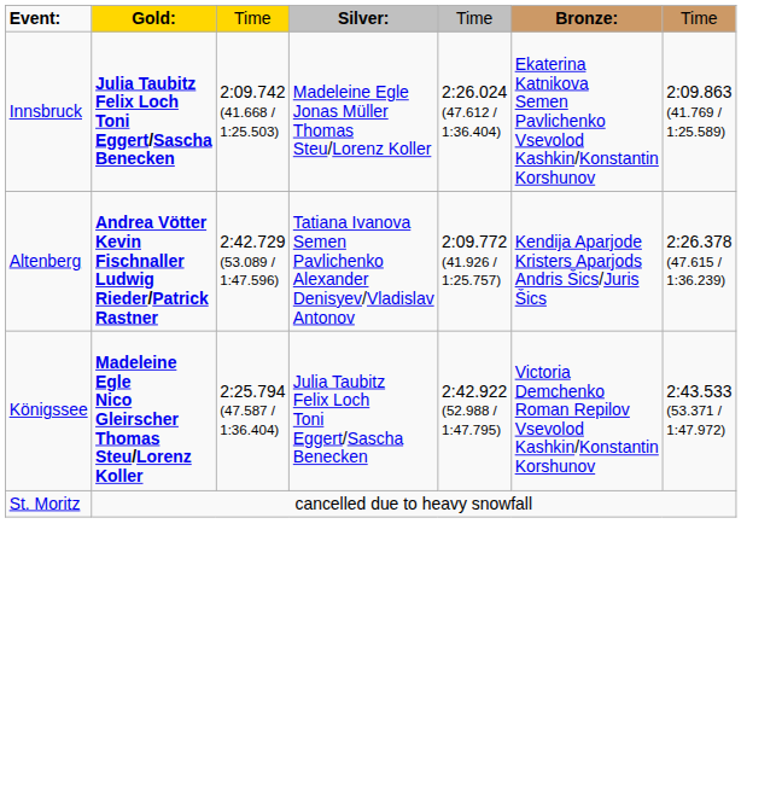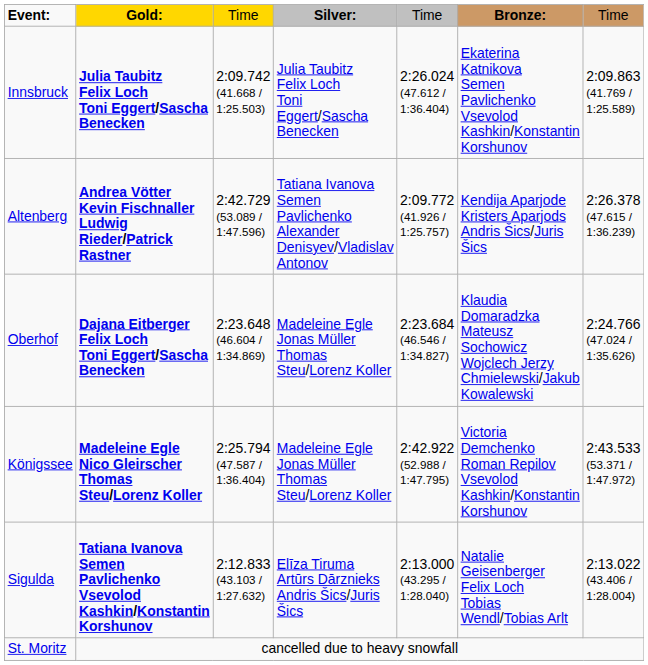 <table class="wikitable" style="width:90%;">
 <tr>
 <td><strong>Event:</strong></td>
 <td style="text-align:center; background:gold;"><strong>Gold:</strong></td>
 <td style="text-align:center; background:gold;">Time</td>
 <td style="text-align:center; background:silver;"><strong>Silver:</strong></td>
 <td style="text-align:center; background:silver;">Time</td>
 <td style="text-align:center; background:#c96;"><strong>Bronze:</strong></td>
 <td style="text-align:center; background:#c96;">Time</td>
 </tr>
 <tr>
 <td><a href='#'>Innsbruck</a></td>
 <td><strong><br><a href='#'>Julia Taubitz</a><br><a href='#'>Felix Loch</a><br><a href='#'>Toni Eggert</a>/<a href='#'>Sascha Benecken</a></strong></td>
 <td>2:09.742<br><small>(41.668 / 1:25.503)</small></td>
-<td><br><a href='#'>Madeleine Egle</a><br><a href='#'>Jonas Müller</a><br><a href='#'>Thomas Steu</a>/<a href='#'>Lorenz Koller</a></td>
+<td><br><a href='#'>Julia Taubitz</a><br><a href='#'>Felix Loch</a><br><a href='#'>Toni Eggert</a>/<a href='#'>Sascha Benecken</a></td>
 <td>2:26.024<br><small>(47.612 / 1:36.404)</small></td>
 <td><br><a href='#'>Ekaterina Katnikova</a><br><a href='#'>Semen Pavlichenko</a><br><a href='#'>Vsevolod Kashkin</a>/<a href='#'>Konstantin Korshunov</a></td>
 <td>2:09.863<br><small>(41.769 / 1:25.589)</small></td>
 </tr>
 <tr>
 <td><a href='#'>Altenberg</a></td>
 <td><strong><br><a href='#'>Andrea Vötter</a><br><a href='#'>Kevin Fischnaller</a><br><a href='#'>Ludwig Rieder</a>/<a href='#'>Patrick Rastner</a></strong></td>
 <td>2:42.729<br><small>(53.089 / 1:47.596)</small></td>
 <td><br><a href='#'>Tatiana Ivanova</a><br><a href='#'>Semen Pavlichenko</a><br><a href='#'>Alexander Denisyev</a>/<a href='#'>Vladislav Antonov</a></td>
 <td>2:09.772<br><small>(41.926 / 1:25.757)</small></td>
 <td><br><a href='#'>Kendija Aparjode</a><br><a href='#'>Kristers Aparjods</a><br><a href='#'>Andris Šics</a>/<a href='#'>Juris Šics</a></td>
 <td>2:26.378<br><small>(47.615 / 1:36.239)</small></td>
 </tr>
 <tr>
+<td><a href='#'>Oberhof</a></td>
+<td><strong><br><a href='#'>Dajana Eitberger</a><br><a href='#'>Felix Loch</a><br><a href='#'>Toni Eggert</a>/<a href='#'>Sascha Benecken</a></strong></td>
+<td>2:23.648<br><small>(46.604 / 1:34.869)</small></td>
+<td><br><a href='#'>Madeleine Egle</a><br><a href='#'>Jonas Müller</a><br><a href='#'>Thomas Steu</a>/<a href='#'>Lorenz Koller</a></td>
+<td>2:23.684<br><small>(46.546 / 1:34.827)</small></td>
+<td><br><a href='#'>Klaudia Domaradzka</a><br><a href='#'>Mateusz Sochowicz</a><br><a href='#'>Wojclech Jerzy Chmielewski</a>/<a href='#'>Jakub Kowalewski</a></td>
+<td>2:24.766<br><small>(47.024 / 1:35.626)</small></td>
+</tr>
+<tr>
 <td><a href='#'>Königssee</a></td>
 <td><strong><br><a href='#'>Madeleine Egle</a><br><a href='#'>Nico Gleirscher</a><br><a href='#'>Thomas Steu</a>/<a href='#'>Lorenz Koller</a></strong></td>
 <td>2:25.794<br><small>(47.587 / 1:36.404)</small></td>
-<td><br><a href='#'>Julia Taubitz</a><br><a href='#'>Felix Loch</a><br><a href='#'>Toni Eggert</a>/<a href='#'>Sascha Benecken</a></td>
+<td><br><a href='#'>Madeleine Egle</a><br><a href='#'>Jonas Müller</a><br><a href='#'>Thomas Steu</a>/<a href='#'>Lorenz Koller</a></td>
 <td>2:42.922<br><small>(52.988 / 1:47.795)</small></td>
 <td><br><a href='#'>Victoria Demchenko</a><br><a href='#'>Roman Repilov</a><br><a href='#'>Vsevolod Kashkin</a>/<a href='#'>Konstantin Korshunov</a></td>
 <td>2:43.533<br><small>(53.371 / 1:47.972)</small></td>
+</tr>
+<tr>
+<td><a href='#'>Sigulda</a></td>
+<td><strong><br><a href='#'>Tatiana Ivanova</a><br><a href='#'>Semen Pavlichenko</a><br><a href='#'>Vsevolod Kashkin</a>/<a href='#'>Konstantin Korshunov</a></strong></td>
+<td>2:12.833<br><small>(43.103 / 1:27.632)</small></td>
+<td><br><a href='#'>Elīza Tiruma</a><br><a href='#'>Artūrs Dārznieks</a><br><a href='#'>Andris Šics</a>/<a href='#'>Juris Šics</a></td>
+<td>2:13.000<br><small>(43.295 / 1:28.040)</small></td>
+<td><br><a href='#'>Natalie Geisenberger</a><br><a href='#'>Felix Loch</a><br><a href='#'>Tobias Wendl</a>/<a href='#'>Tobias Arlt</a></td>
+<td>2:13.022<br><small>(43.406 / 1:28.004)</small></td>
 </tr>
 <tr>
 <td><a href='#'>St. Moritz</a></td>
 <td colspan="6" style="text-align:center;">cancelled due to heavy snowfall</td>
 </tr>
 </table>
